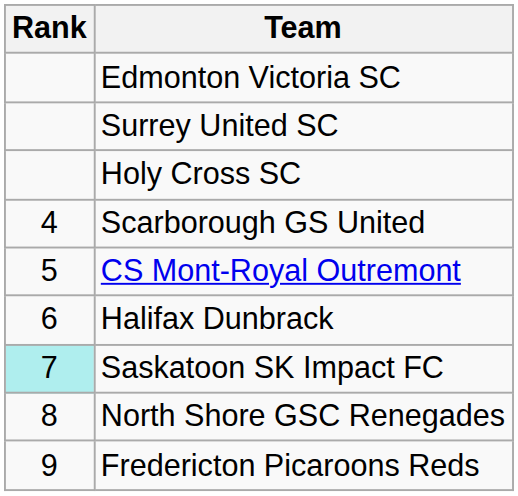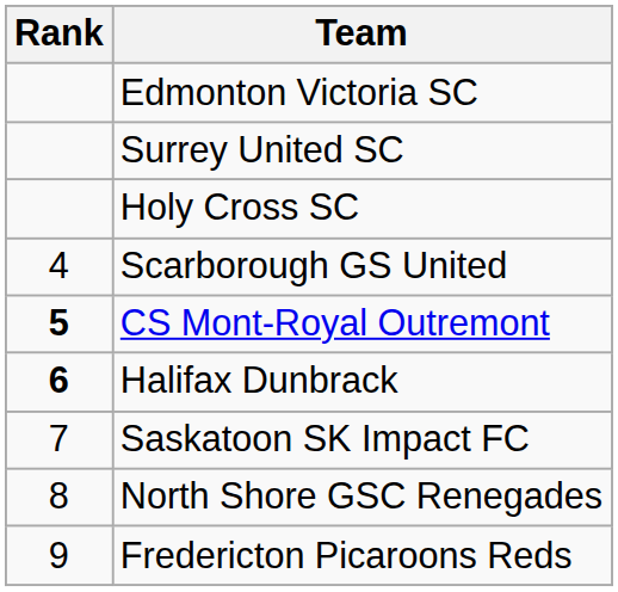 <table class="wikitable">
 <tr>
 <th>Rank</th>
 <th>Team</th>
 </tr>
 <tr>
 <td align=center></td>
 <td> Edmonton Victoria SC</td>
 </tr>
 <tr>
 <td align=center></td>
 <td> Surrey United SC</td>
 </tr>
 <tr>
 <td align=center></td>
 <td> Holy Cross SC</td>
 </tr>
 <tr>
 <td align=center>4</td>
 <td> Scarborough GS United</td>
 </tr>
 <tr>
-<td align=center>5</td>
+<td align=center><strong>5</strong></td>
 <td> <a href='#'>CS Mont-Royal Outremont</a></td>
 </tr>
 <tr>
-<td align=center>6</td>
+<td align=center><strong>6</strong></td>
 <td> Halifax Dunbrack</td>
 </tr>
 <tr>
-<td align=center style="background: paleturquoise;">7</td>
+<td align=center>7</td>
 <td> Saskatoon SK Impact FC</td>
 </tr>
 <tr>
 <td align=center>8</td>
 <td> North Shore GSC Renegades</td>
 </tr>
 <tr>
 <td align=center>9</td>
 <td> Fredericton Picaroons Reds</td>
 </tr>
 </table>
